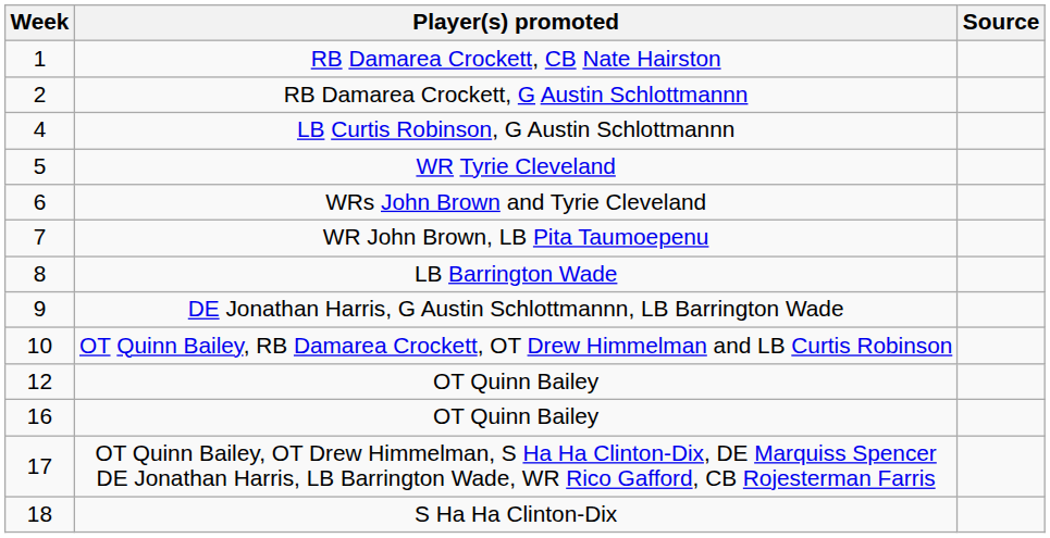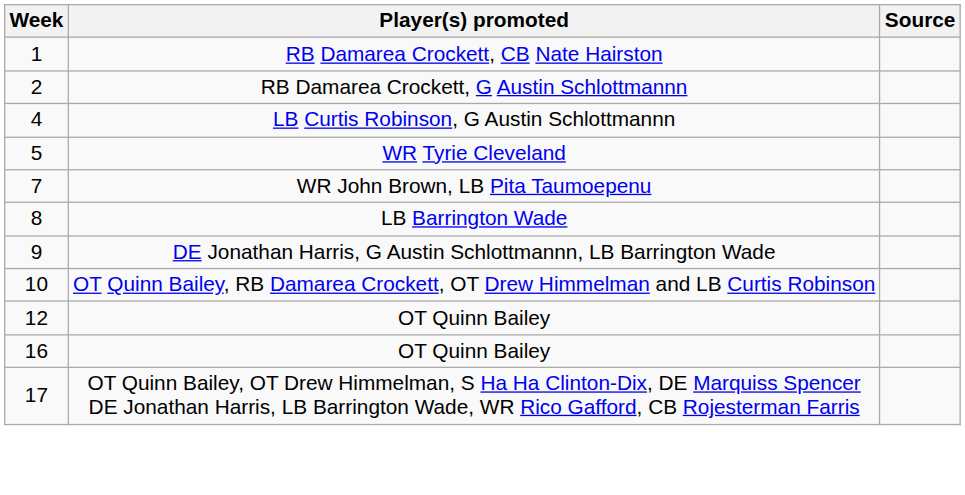 <table class="wikitable" style="text-align:center">
 <tr>
 <th>Week</th>
 <th>Player(s) promoted</th>
 <th>Source</th>
 </tr>
 <tr>
 <td>1</td>
 <td><a href='#'>RB</a> <a href='#'>Damarea Crockett</a>, <a href='#'>CB</a> <a href='#'>Nate Hairston</a></td>
 <td></td>
 </tr>
 <tr>
 <td>2</td>
 <td>RB Damarea Crockett, <a href='#'>G</a> <a href='#'>Austin Schlottmannn</a></td>
 <td></td>
 </tr>
 <tr>
 <td>4</td>
 <td><a href='#'>LB</a> <a href='#'>Curtis Robinson</a>, G Austin Schlottmannn</td>
 <td></td>
 </tr>
 <tr>
 <td>5</td>
 <td><a href='#'>WR</a> <a href='#'>Tyrie Cleveland</a></td>
-<td></td>
-</tr>
-<tr>
-<td>6</td>
-<td>WRs <a href='#'>John Brown</a> and Tyrie Cleveland</td>
 <td></td>
 </tr>
 <tr>
 <td>7</td>
 <td>WR John Brown, LB <a href='#'>Pita Taumoepenu</a></td>
 <td></td>
 </tr>
 <tr>
 <td>8</td>
 <td>LB <a href='#'>Barrington Wade</a></td>
 <td></td>
 </tr>
 <tr>
 <td>9</td>
 <td><a href='#'>DE</a> Jonathan Harris, G Austin Schlottmannn, LB Barrington Wade</td>
 <td></td>
 </tr>
 <tr>
 <td>10</td>
 <td><a href='#'>OT</a> <a href='#'>Quinn Bailey</a>, RB <a href='#'>Damarea Crockett</a>, OT <a href='#'>Drew Himmelman</a> and LB <a href='#'>Curtis Robinson</a></td>
 <td></td>
 </tr>
 <tr>
 <td>12</td>
 <td>OT Quinn Bailey</td>
 <td></td>
 </tr>
 <tr>
 <td>16</td>
 <td>OT Quinn Bailey</td>
 <td></td>
 </tr>
 <tr>
 <td>17</td>
 <td>OT Quinn Bailey, OT Drew Himmelman, S <a href='#'>Ha Ha Clinton-Dix</a>, DE <a href='#'>Marquiss Spencer</a><br>DE Jonathan Harris, LB Barrington Wade, WR <a href='#'>Rico Gafford</a>, CB <a href='#'>Rojesterman Farris</a></td>
 <td></td>
 </tr>
-<tr>
-<td>18</td>
-<td>S Ha Ha Clinton-Dix</td>
-<td></td>
-</tr>
 </table>
